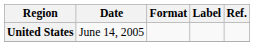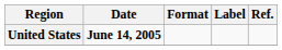 <table class="wikitable plainrowheaders">
 <tr>
 <th scope="col">Region</th>
 <th scope="col">Date</th>
 <th scope="col">Format</th>
 <th scope="col">Label</th>
 <th scope="col">Ref.</th>
 </tr>
 <tr>
 <th scope="row">United States</th>
-<td>June 14, 2005</td>
+<td><strong>June 14, 2005</strong></td>
 <td></td>
 <td></td>
 <td></td>
 </tr>
 <tr>
 </tr>
 </table>
